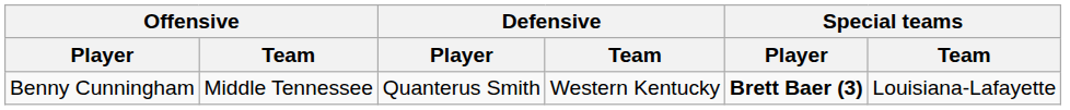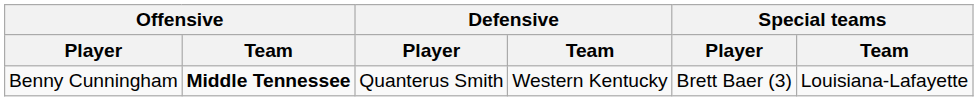 <table class="wikitable">
 <tr>
 <th colspan="2">Offensive</th>
 <th colspan="2">Defensive</th>
 <th colspan="2">Special teams</th>
 </tr>
 <tr>
 <th>Player</th>
 <th>Team</th>
 <th>Player</th>
 <th>Team</th>
 <th>Player</th>
 <th>Team</th>
 </tr>
 <tr>
 <td>Benny Cunningham</td>
-<td>Middle Tennessee</td>
+<td><strong>Middle Tennessee</strong></td>
 <td>Quanterus Smith</td>
 <td>Western Kentucky</td>
-<td><strong>Brett Baer (3)</strong></td>
+<td>Brett Baer (3)</td>
 <td>Louisiana-Lafayette</td>
 </tr>
 </table>
